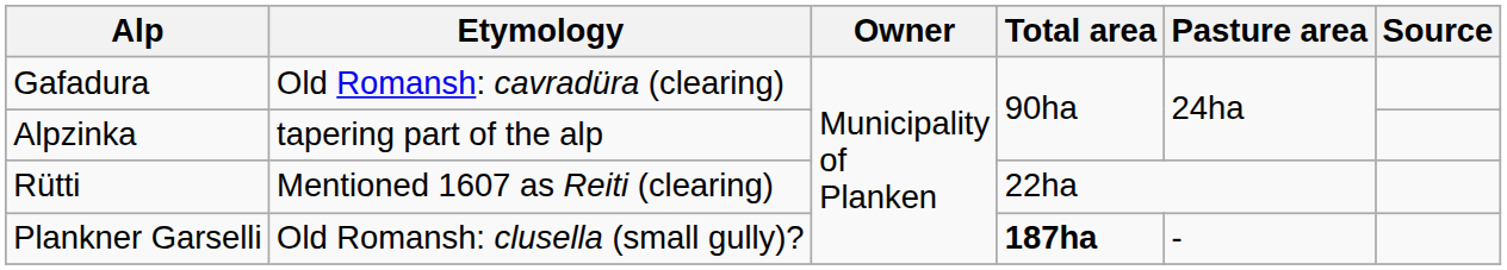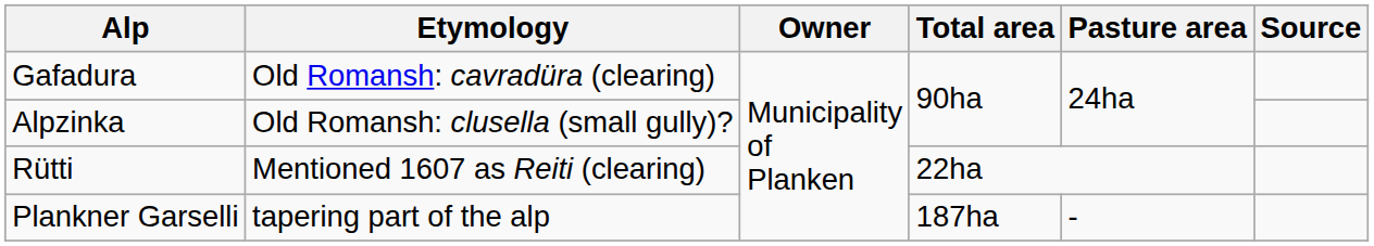 <table class="wikitable">
 <tr>
 <th>Alp</th>
 <th>Etymology</th>
 <th>Owner</th>
 <th>Total area</th>
 <th>Pasture area</th>
 <th>Source</th>
 </tr>
 <tr>
 <td>Gafadura</td>
 <td>Old <a href='#'>Romansh</a>: <em>cavradüra</em> (clearing)</td>
 <td rowspan="4">Municipality<br>of<br>Planken</td>
 <td rowspan="2">90ha</td>
 <td rowspan="2">24ha</td>
 <td></td>
 </tr>
 <tr>
 <td>Alpzinka</td>
-<td>tapering part of the alp</td>
+<td>Old Romansh: <em>clusella</em> (small gully)?</td>
 <td></td>
 </tr>
 <tr>
 <td>Rütti</td>
 <td>Mentioned 1607 as <em>Reiti</em> (clearing)</td>
 <td colspan="2">22ha</td>
 <td></td>
 </tr>
 <tr>
 <td>Plankner Garselli</td>
-<td>Old Romansh: <em>clusella</em> (small gully)?</td>
-<td><strong>187ha</strong></td>
+<td>tapering part of the alp</td>
+<td>187ha</td>
 <td>-</td>
 <td></td>
 </tr>
 </table>
